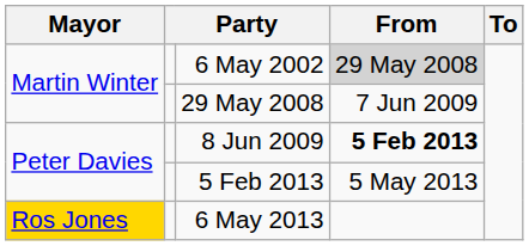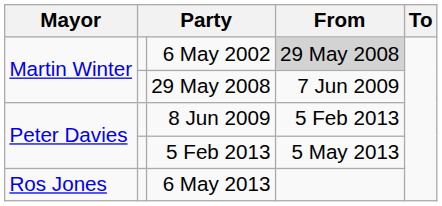 <table class=wikitable>
 <tr>
 <th>Mayor</th>
 <th colspan=2>Party</th>
 <th>From</th>
 <th>To</th>
 </tr>
 <tr>
 <td rowspan=2><a href='#'>Martin Winter</a></td>
 <td></td>
 <td align=right>6 May 2002</td>
 <td align=right style="background: lightgrey;">29 May 2008</td>
 </tr>
 <tr>
 <td></td>
 <td align=right>29 May 2008</td>
 <td align=right>7 Jun 2009</td>
 </tr>
 <tr>
 <td rowspan=2><a href='#'>Peter Davies</a></td>
 <td></td>
 <td align=right>8 Jun 2009</td>
-<td align=right><strong>5 Feb 2013</strong></td>
+<td align=right>5 Feb 2013</td>
 </tr>
 <tr>
 <td></td>
 <td align=right>5 Feb 2013</td>
 <td align=right>5 May 2013</td>
 </tr>
 <tr>
-<td style="background: gold;"><a href='#'>Ros Jones</a></td>
+<td><a href='#'>Ros Jones</a></td>
 <td></td>
 <td align=right>6 May 2013</td>
 <td align=right></td>
 </tr>
 </table>
